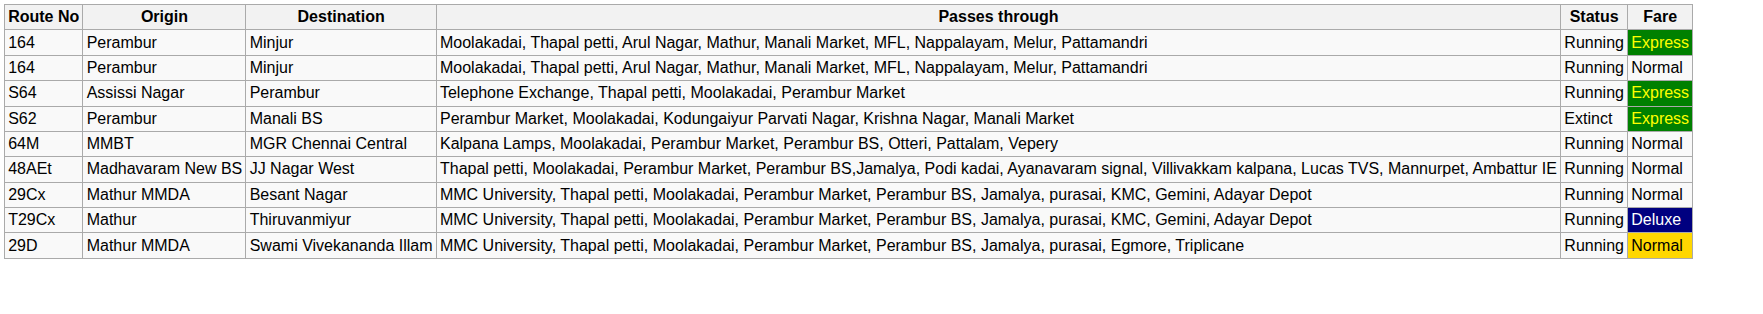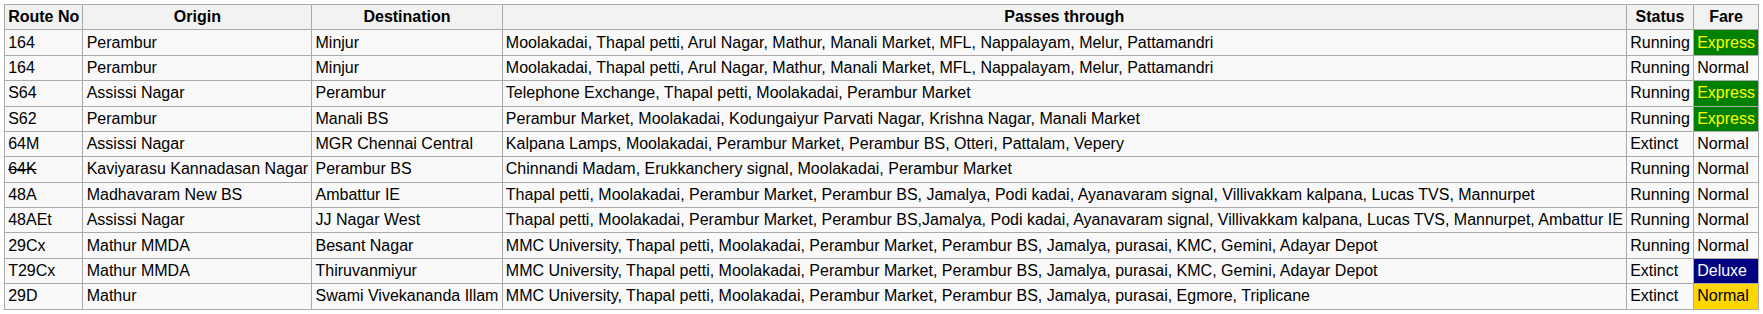 <table class="wikitable sortable collapsable plainrowheaders">
 <tr>
 <th>Route No</th>
 <th>Origin</th>
 <th>Destination</th>
 <th>Passes through</th>
 <th>Status</th>
 <th>Fare</th>
 </tr>
 <tr>
 <td>164</td>
 <td>Perambur</td>
 <td>Minjur</td>
 <td>Moolakadai, Thapal petti, Arul Nagar, Mathur, Manali Market, MFL, Nappalayam, Melur, Pattamandri</td>
 <td>Running</td>
 <td style="background:green; color:yellow">Express</td>
 </tr>
 <tr>
 <td>164</td>
 <td>Perambur</td>
 <td>Minjur</td>
 <td>Moolakadai, Thapal petti, Arul Nagar, Mathur, Manali Market, MFL, Nappalayam, Melur, Pattamandri</td>
 <td>Running</td>
 <td>Normal</td>
 </tr>
 <tr>
 <td>S64</td>
 <td>Assissi Nagar</td>
 <td>Perambur</td>
 <td>Telephone Exchange, Thapal petti, Moolakadai, Perambur Market</td>
 <td>Running</td>
 <td style="background:green; color:yellow">Express</td>
 </tr>
 <tr>
 <td>S62</td>
 <td>Perambur</td>
 <td>Manali BS</td>
 <td>Perambur Market, Moolakadai, Kodungaiyur Parvati Nagar, Krishna Nagar, Manali Market</td>
-<td>Extinct</td>
+<td>Running</td>
 <td style="background:green; color:yellow">Express</td>
 </tr>
 <tr>
 <td>64M</td>
-<td>MMBT</td>
+<td>Assissi Nagar</td>
 <td>MGR Chennai Central</td>
 <td>Kalpana Lamps, Moolakadai, Perambur Market, Perambur BS, Otteri, Pattalam, Vepery</td>
+<td>Extinct</td>
+<td>Normal</td>
+</tr>
+<tr>
+<td><s>64K</s></td>
+<td>Kaviyarasu Kannadasan Nagar</td>
+<td>Perambur BS</td>
+<td>Chinnandi Madam, Erukkanchery signal, Moolakadai, Perambur Market</td>
+<td>Running</td>
+<td>Normal</td>
+</tr>
+<tr>
+<td>48A</td>
+<td>Madhavaram New BS</td>
+<td>Ambattur IE</td>
+<td>Thapal petti, Moolakadai, Perambur Market, Perambur BS, Jamalya, Podi kadai, Ayanavaram signal, Villivakkam kalpana, Lucas TVS, Mannurpet</td>
 <td>Running</td>
 <td>Normal</td>
 </tr>
 <tr>
 <td>48AEt</td>
-<td>Madhavaram New BS</td>
+<td>Assissi Nagar</td>
 <td>JJ Nagar West</td>
 <td>Thapal petti, Moolakadai, Perambur Market, Perambur BS,Jamalya, Podi kadai, Ayanavaram signal, Villivakkam kalpana, Lucas TVS, Mannurpet, Ambattur IE</td>
 <td>Running</td>
 <td>Normal</td>
 </tr>
 <tr>
 <td>29Cx</td>
 <td>Mathur MMDA</td>
 <td>Besant Nagar</td>
 <td>MMC University, Thapal petti, Moolakadai, Perambur Market, Perambur BS, Jamalya, purasai, KMC, Gemini, Adayar Depot</td>
 <td>Running</td>
 <td>Normal</td>
 </tr>
 <tr>
 <td>T29Cx</td>
-<td>Mathur</td>
+<td>Mathur MMDA</td>
 <td>Thiruvanmiyur</td>
 <td>MMC University, Thapal petti, Moolakadai, Perambur Market, Perambur BS, Jamalya, purasai, KMC, Gemini, Adayar Depot</td>
-<td>Running</td>
+<td>Extinct</td>
 <td style="background:navy; color:white">Deluxe</td>
 </tr>
 <tr>
 <td>29D</td>
-<td>Mathur MMDA</td>
+<td>Mathur</td>
 <td>Swami Vivekananda Illam</td>
 <td>MMC University, Thapal petti, Moolakadai, Perambur Market, Perambur BS, Jamalya, purasai, Egmore, Triplicane</td>
-<td>Running</td>
+<td>Extinct</td>
 <td style="background: gold;">Normal</td>
 </tr>
 <tr>
 </tr>
 </table>
